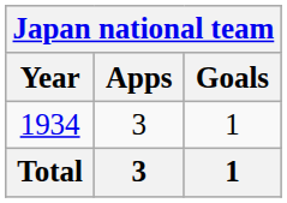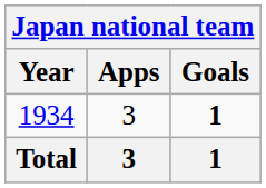 <table class="wikitable" style="text-align:center">
 <tr>
 <th colspan=3><a href='#'>Japan national team</a></th>
 </tr>
 <tr>
 <th>Year</th>
 <th>Apps</th>
 <th>Goals</th>
 </tr>
 <tr>
 <td><a href='#'>1934</a></td>
 <td>3</td>
-<td>1</td>
+<td><strong>1</strong></td>
 </tr>
 <tr>
 <th>Total</th>
 <th>3</th>
 <th>1</th>
 </tr>
 </table>
